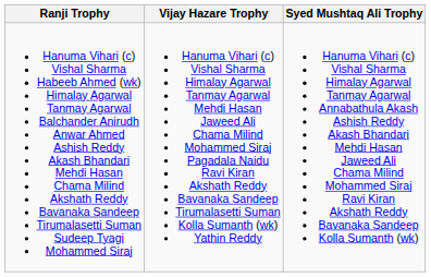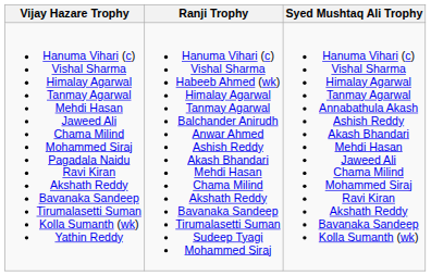 <table class="wikitable" style="text-align:center; margin:auto">
 <tr>
+<th>Vijay Hazare Trophy</th>
 <th>Ranji Trophy</th>
-<th>Vijay Hazare Trophy</th>
 <th>Syed Mushtaq Ali Trophy</th>
 </tr>
 <tr style="vertical-align:top">
+<td><br><ul><li><a href='#'>Hanuma Vihari</a> (<a href='#'>c</a>)</li><li><a href='#'>Vishal Sharma</a></li><li><a href='#'>Himalay Agarwal</a></li><li><a href='#'>Tanmay Agarwal</a></li><li><a href='#'>Mehdi Hasan</a></li><li><a href='#'>Jaweed Ali</a></li><li><a href='#'>Chama Milind</a></li><li><a href='#'>Mohammed Siraj</a></li><li><a href='#'>Pagadala Naidu</a></li><li><a href='#'>Ravi Kiran</a></li><li><a href='#'>Akshath Reddy</a></li><li><a href='#'>Bavanaka Sandeep</a></li><li><a href='#'>Tirumalasetti Suman</a></li><li><a href='#'>Kolla Sumanth</a> (<a href='#'>wk</a>)</li><li><a href='#'>Yathin Reddy</a></li></ul></td>
 <td><br><ul><li><a href='#'>Hanuma Vihari</a> (<a href='#'>c</a>)</li><li><a href='#'>Vishal Sharma</a></li><li><a href='#'>Habeeb Ahmed</a> (<a href='#'>wk</a>)</li><li><a href='#'>Himalay Agarwal</a></li><li><a href='#'>Tanmay Agarwal</a></li><li><a href='#'>Balchander Anirudh</a></li><li><a href='#'>Anwar Ahmed</a></li><li><a href='#'>Ashish Reddy</a></li><li><a href='#'>Akash Bhandari</a></li><li><a href='#'>Mehdi Hasan</a></li><li><a href='#'>Chama Milind</a></li><li><a href='#'>Akshath Reddy</a></li><li><a href='#'>Bavanaka Sandeep</a></li><li><a href='#'>Tirumalasetti Suman</a></li><li><a href='#'>Sudeep Tyagi</a></li><li><a href='#'>Mohammed Siraj</a></li></ul></td>
-<td><br><ul><li><a href='#'>Hanuma Vihari</a> (<a href='#'>c</a>)</li><li><a href='#'>Vishal Sharma</a></li><li><a href='#'>Himalay Agarwal</a></li><li><a href='#'>Tanmay Agarwal</a></li><li><a href='#'>Mehdi Hasan</a></li><li><a href='#'>Jaweed Ali</a></li><li><a href='#'>Chama Milind</a></li><li><a href='#'>Mohammed Siraj</a></li><li><a href='#'>Pagadala Naidu</a></li><li><a href='#'>Ravi Kiran</a></li><li><a href='#'>Akshath Reddy</a></li><li><a href='#'>Bavanaka Sandeep</a></li><li><a href='#'>Tirumalasetti Suman</a></li><li><a href='#'>Kolla Sumanth</a> (<a href='#'>wk</a>)</li><li><a href='#'>Yathin Reddy</a></li></ul></td>
 <td><br><ul><li><a href='#'>Hanuma Vihari</a> (<a href='#'>c</a>)</li><li><a href='#'>Vishal Sharma</a></li><li><a href='#'>Himalay Agarwal</a></li><li><a href='#'>Tanmay Agarwal</a></li><li><a href='#'>Annabathula Akash</a></li><li><a href='#'>Ashish Reddy</a></li><li><a href='#'>Akash Bhandari</a></li><li><a href='#'>Mehdi Hasan</a></li><li><a href='#'>Jaweed Ali</a></li><li><a href='#'>Chama Milind</a></li><li><a href='#'>Mohammed Siraj</a></li><li><a href='#'>Ravi Kiran</a></li><li><a href='#'>Akshath Reddy</a></li><li><a href='#'>Bavanaka Sandeep</a></li><li><a href='#'>Kolla Sumanth</a> (<a href='#'>wk</a>)</li></ul></td>
 </tr>
 </table>
